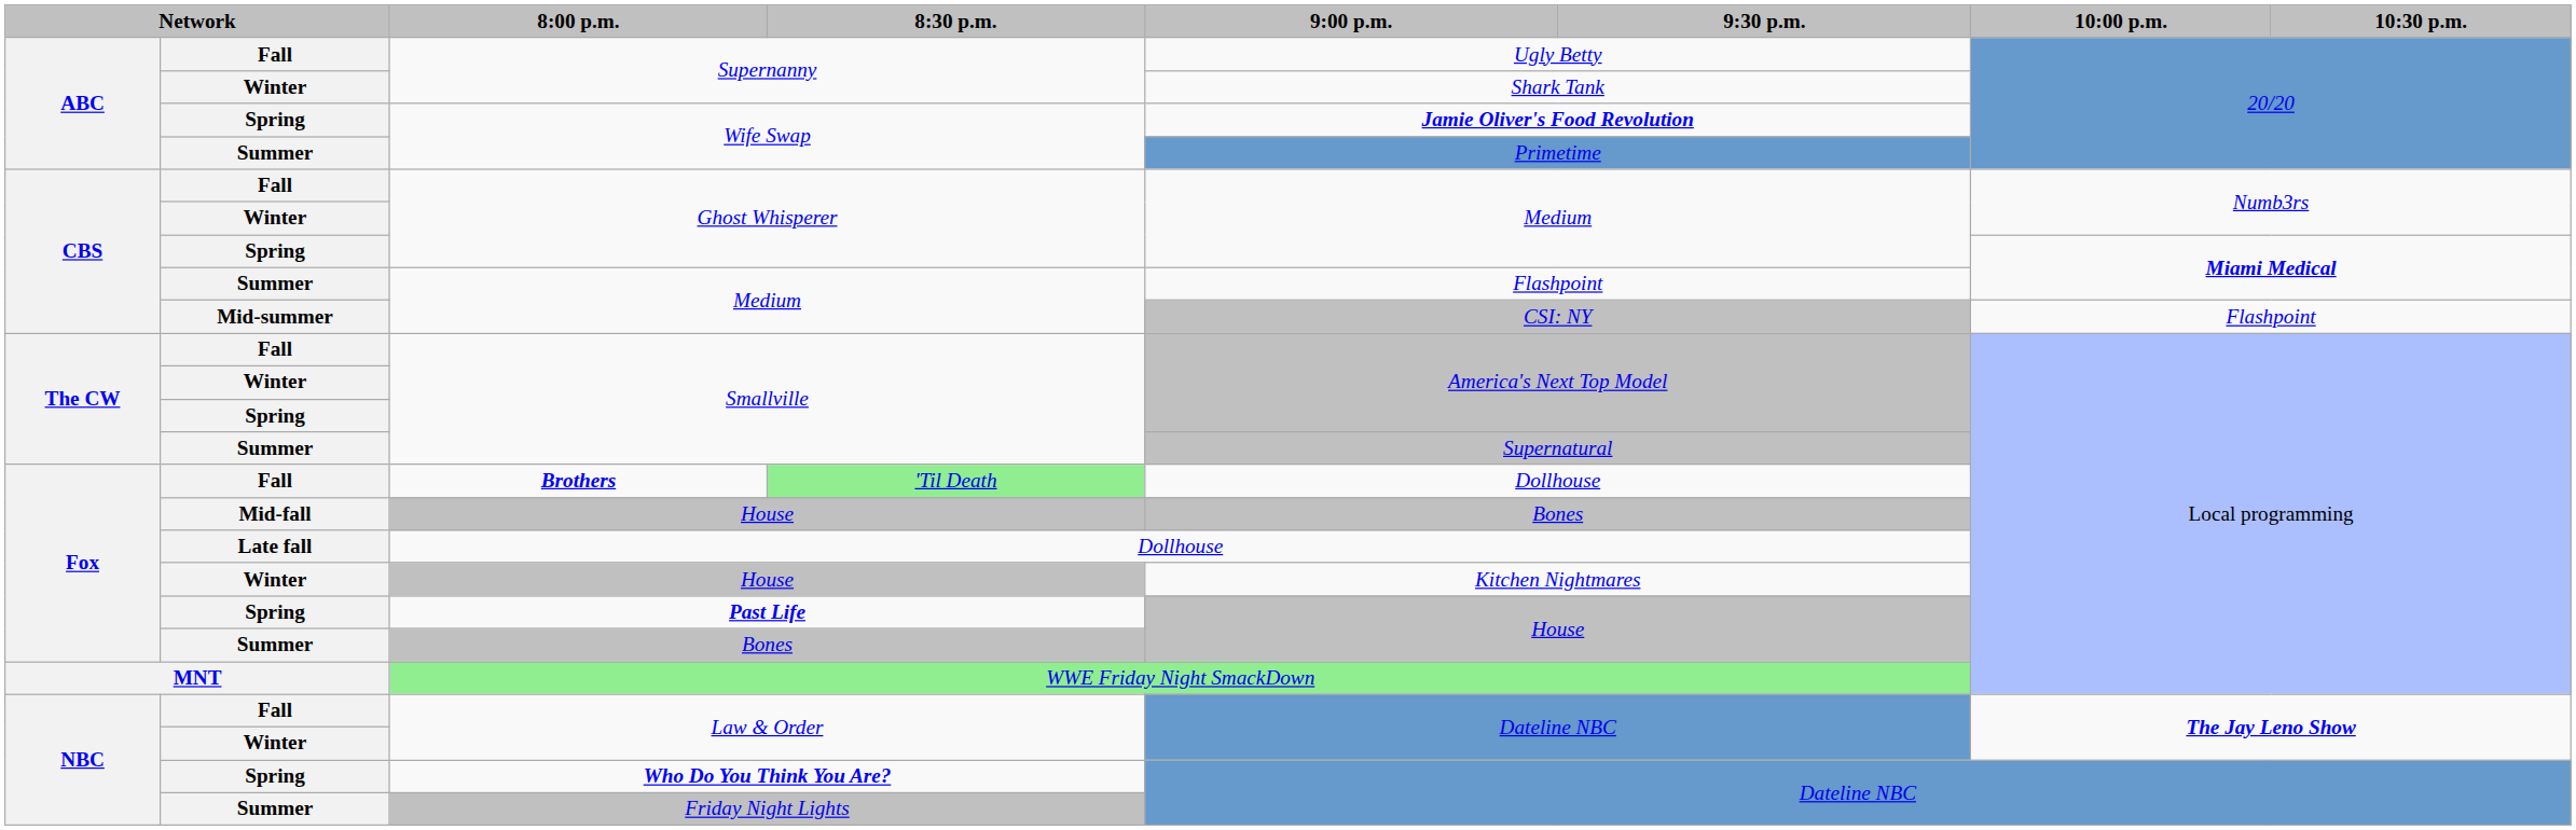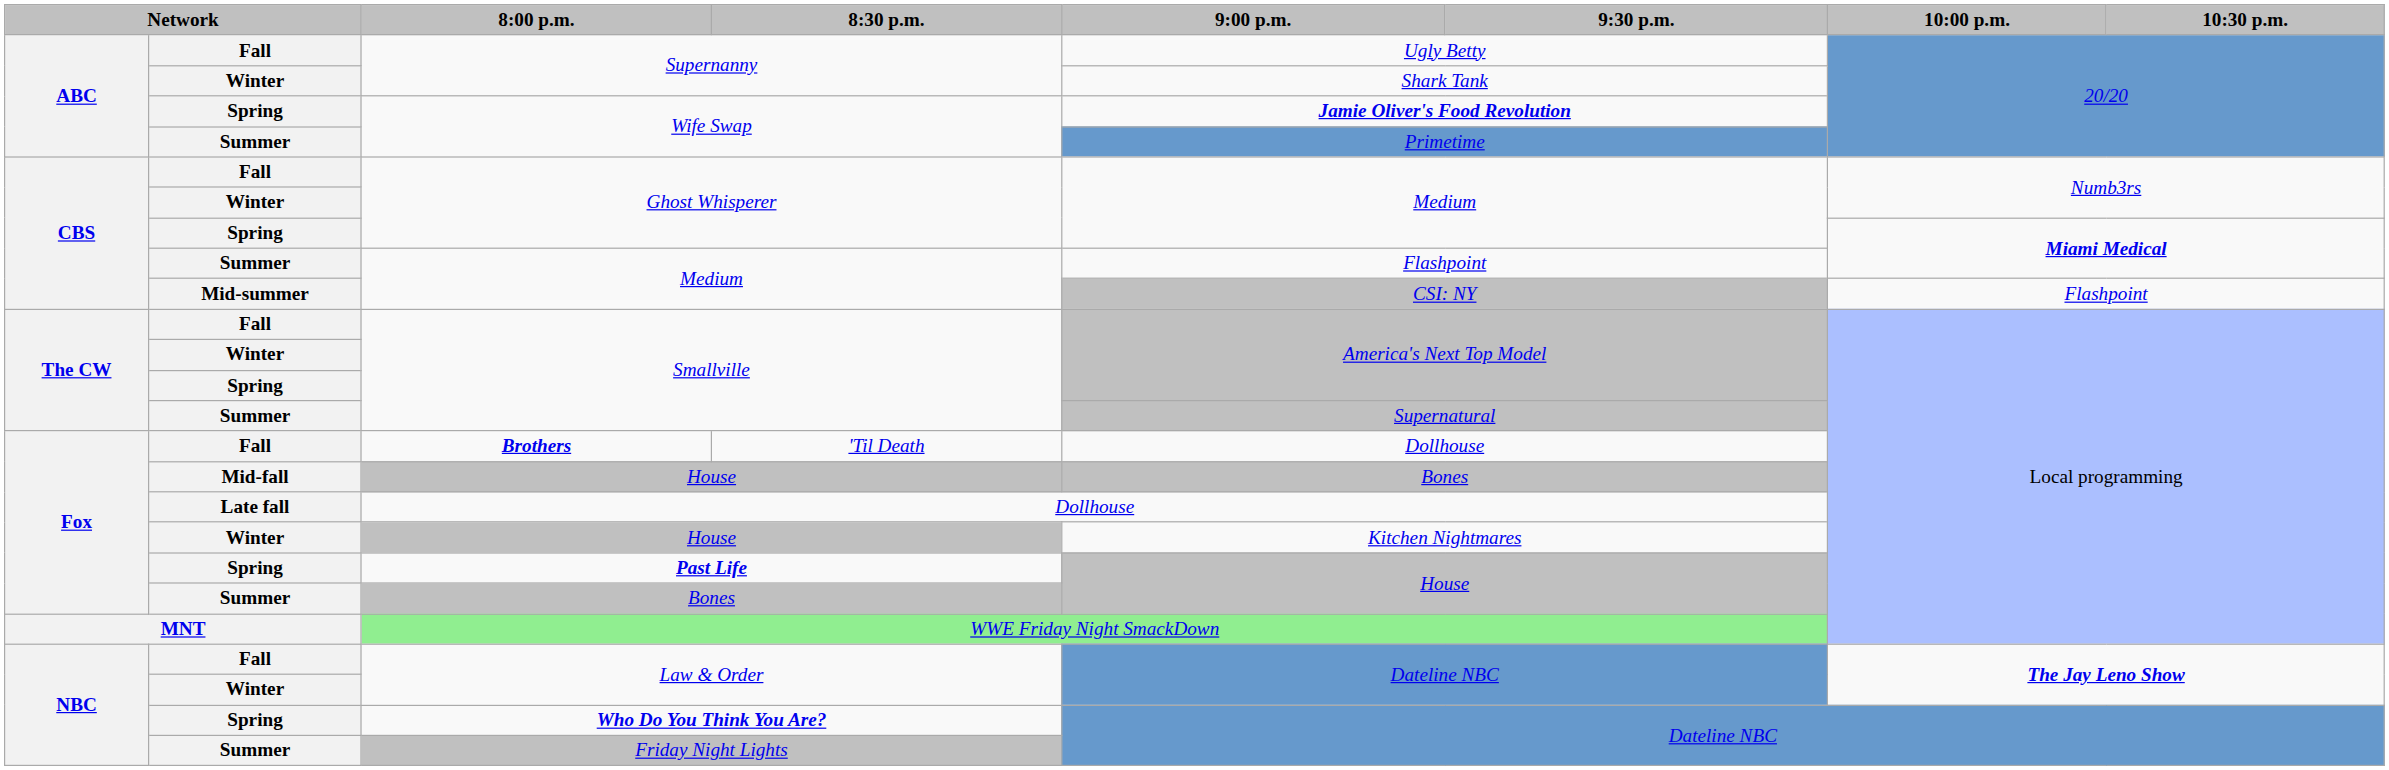 <table class="wikitable" style="width:100%;margin-right:0;text-align:center">
 <tr>
 <th colspan="2" style="background-color:#C0C0C0;text-align:center;width:15%">Network</th>
 <th style="background-color:#C0C0C0;text-align:center">8:00 p.m.</th>
 <th style="background-color:#C0C0C0;text-align:center">8:30 p.m.</th>
 <th style="background-color:#C0C0C0;text-align:center">9:00 p.m.</th>
 <th style="background-color:#C0C0C0;text-align:center">9:30 p.m.</th>
 <th style="background-color:#C0C0C0;text-align:center">10:00 p.m.</th>
 <th style="background-color:#C0C0C0;text-align:center">10:30 p.m.</th>
 </tr>
 <tr>
 <th rowspan="4"><a href='#'>ABC</a></th>
 <th>Fall</th>
 <td colspan="2" rowspan="2"><em><a href='#'>Supernanny</a></em></td>
 <td colspan="2"><em><a href='#'>Ugly Betty</a></em></td>
 <td style="background:#6699CC;" colspan="2" rowspan="4"><em><a href='#'>20/20</a></em></td>
 </tr>
 <tr>
 <th>Winter</th>
 <td colspan="2"><em><a href='#'>Shark Tank</a></em></td>
 </tr>
 <tr>
 <th>Spring</th>
 <td colspan="2" rowspan="2"><em><a href='#'>Wife Swap</a></em></td>
 <td colspan="2"><strong><em><a href='#'>Jamie Oliver's Food Revolution</a></em></strong></td>
 </tr>
 <tr>
 <th>Summer</th>
 <td style="background:#6699CC;" colspan="2"><em><a href='#'>Primetime</a></em></td>
 </tr>
 <tr>
 <th rowspan="5"><a href='#'>CBS</a></th>
 <th>Fall</th>
 <td colspan="2" rowspan="3"><em><a href='#'>Ghost Whisperer</a></em></td>
 <td colspan="2" rowspan="3"><em><a href='#'>Medium</a></em></td>
 <td colspan="2" rowspan="2"><em><a href='#'>Numb3rs</a></em></td>
 </tr>
 <tr>
 <th>Winter</th>
 </tr>
 <tr>
 <th>Spring</th>
 <td colspan="2" rowspan="2"><strong><em><a href='#'>Miami Medical</a></em></strong></td>
 </tr>
 <tr>
 <th>Summer</th>
 <td colspan="2" rowspan="2"><em><a href='#'>Medium</a></em> </td>
 <td colspan="2"><em><a href='#'>Flashpoint</a></em></td>
 </tr>
 <tr>
 <th>Mid-summer</th>
 <td colspan="2" style="background:#C0C0C0;"><em><a href='#'>CSI: NY</a></em> </td>
 <td colspan="2"><em><a href='#'>Flashpoint</a></em></td>
 </tr>
 <tr>
 <th rowspan="4"><a href='#'>The CW</a></th>
 <th>Fall</th>
 <td colspan="2" rowspan="4"><em><a href='#'>Smallville</a></em></td>
 <td colspan="2" rowspan="3"style="background:#C0C0C0;"><em><a href='#'>America's Next Top Model</a></em> </td>
 <td style="background:#abbfff;" colspan="2" rowspan="11">Local programming</td>
 </tr>
 <tr>
 <th>Winter</th>
 </tr>
 <tr>
 <th>Spring</th>
 </tr>
 <tr>
 <th>Summer</th>
 <td style="background:#C0C0C0;" colspan="2"><em><a href='#'>Supernatural</a></em> </td>
 </tr>
 <tr>
 <th rowspan="6"><a href='#'>Fox</a></th>
 <th>Fall</th>
 <td><strong><em><a href='#'>Brothers</a></em></strong></td>
-<td style="background: lightgreen;"><em><a href='#'>'Til Death</a></em></td>
+<td><em><a href='#'>'Til Death</a></em></td>
 <td colspan="2"><em><a href='#'>Dollhouse</a></em></td>
 </tr>
 <tr>
 <th>Mid-fall</th>
 <td colspan="2" style="background:#C0C0C0;"><em><a href='#'>House</a></em> </td>
 <td colspan="2" style="background:#C0C0C0;"><em><a href='#'>Bones</a></em> </td>
 </tr>
 <tr>
 <th>Late fall</th>
 <td colspan="4"><em><a href='#'>Dollhouse</a></em></td>
 </tr>
 <tr>
 <th>Winter</th>
 <td colspan="2" style="background:#C0C0C0;"><em><a href='#'>House</a></em> </td>
 <td colspan="2"><em><a href='#'>Kitchen Nightmares</a></em></td>
 </tr>
 <tr>
 <th>Spring</th>
 <td colspan="2"><strong><em><a href='#'>Past Life</a></em></strong></td>
 <td rowspan="2" colspan="2" style="background:#C0C0C0;"><em><a href='#'>House</a></em> </td>
 </tr>
 <tr>
 <th>Summer</th>
 <td colspan="2" style="background:#C0C0C0;"><em><a href='#'>Bones</a></em> </td>
 </tr>
 <tr>
 <th colspan="2"><a href='#'>MNT</a></th>
 <td colspan="4" style="background:lightgreen;"><em><a href='#'>WWE Friday Night SmackDown</a></em></td>
 </tr>
 <tr>
 <th rowspan="4"><a href='#'>NBC</a></th>
 <th>Fall</th>
 <td colspan="2" rowspan="2"><em><a href='#'>Law & Order</a></em></td>
 <td style="background:#6699CC;" colspan="2" rowspan="2"><em><a href='#'>Dateline NBC</a></em></td>
 <td colspan="2" rowspan="2"><strong><em><a href='#'>The Jay Leno Show</a></em></strong></td>
 </tr>
 <tr>
 <th>Winter</th>
 </tr>
 <tr>
 <th>Spring</th>
 <td colspan="2"><strong><em><a href='#'>Who Do You Think You Are?</a></em></strong></td>
 <td style="background:#6699CC;" colspan="4" rowspan="2"><em><a href='#'>Dateline NBC</a></em></td>
 </tr>
 <tr>
 <th>Summer</th>
 <td colspan="2" style="background:#C0C0C0;"><em><a href='#'>Friday Night Lights</a></em> </td>
 </tr>
 </table>
